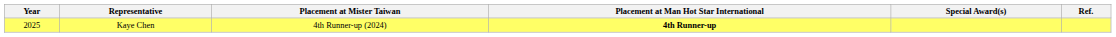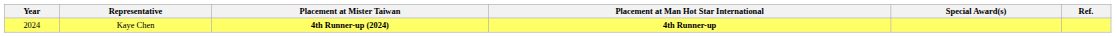 <table class="wikitable sortable" style="font-size: 85%;text-align:center" width="90%">
 <tr>
 <th>Year</th>
 <th>Representative</th>
 <th>Placement at Mister Taiwan</th>
 <th>Placement at Man Hot Star International</th>
 <th>Special Award(s)</th>
 <th>Ref.</th>
 </tr>
 <tr style="background-color:#FFFF66;">
-<td>2025</td>
+<td>2024</td>
 <td nowrap>Kaye Chen</td>
-<td nowrap>4th Runner-up (2024)</td>
+<td nowrap><strong>4th Runner-up (2024)</strong></td>
 <td nowrap><strong>4th Runner-up</strong></td>
 <td></td>
 <td></td>
 </tr>
 </table>
